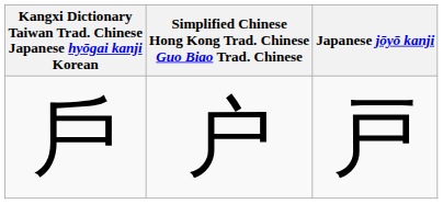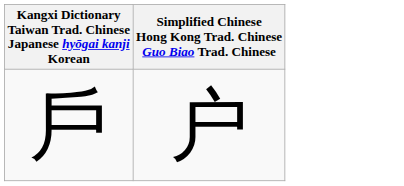 <table class="wikitable" style="text-align: center;">
 <tr>
 <th>Kangxi Dictionary<br>Taiwan Trad. Chinese<br>Japanese <em><a href='#'>hyōgai kanji</a></em><br>Korean</th>
 <th>Simplified Chinese<br>Hong Kong Trad. Chinese<br><em><a href='#'>Guo Biao</a></em> Trad. Chinese</th>
-<th>Japanese <em><a href='#'>jōyō kanji</a></em></th>
 </tr>
 <tr style="font-size:6em;font-family:serif;line-height:100%;">
 <td lang="zh">戶</td>
 <td lang="zh">户</td>
-<td lang="ja">戸</td>
 </tr>
 </table>
